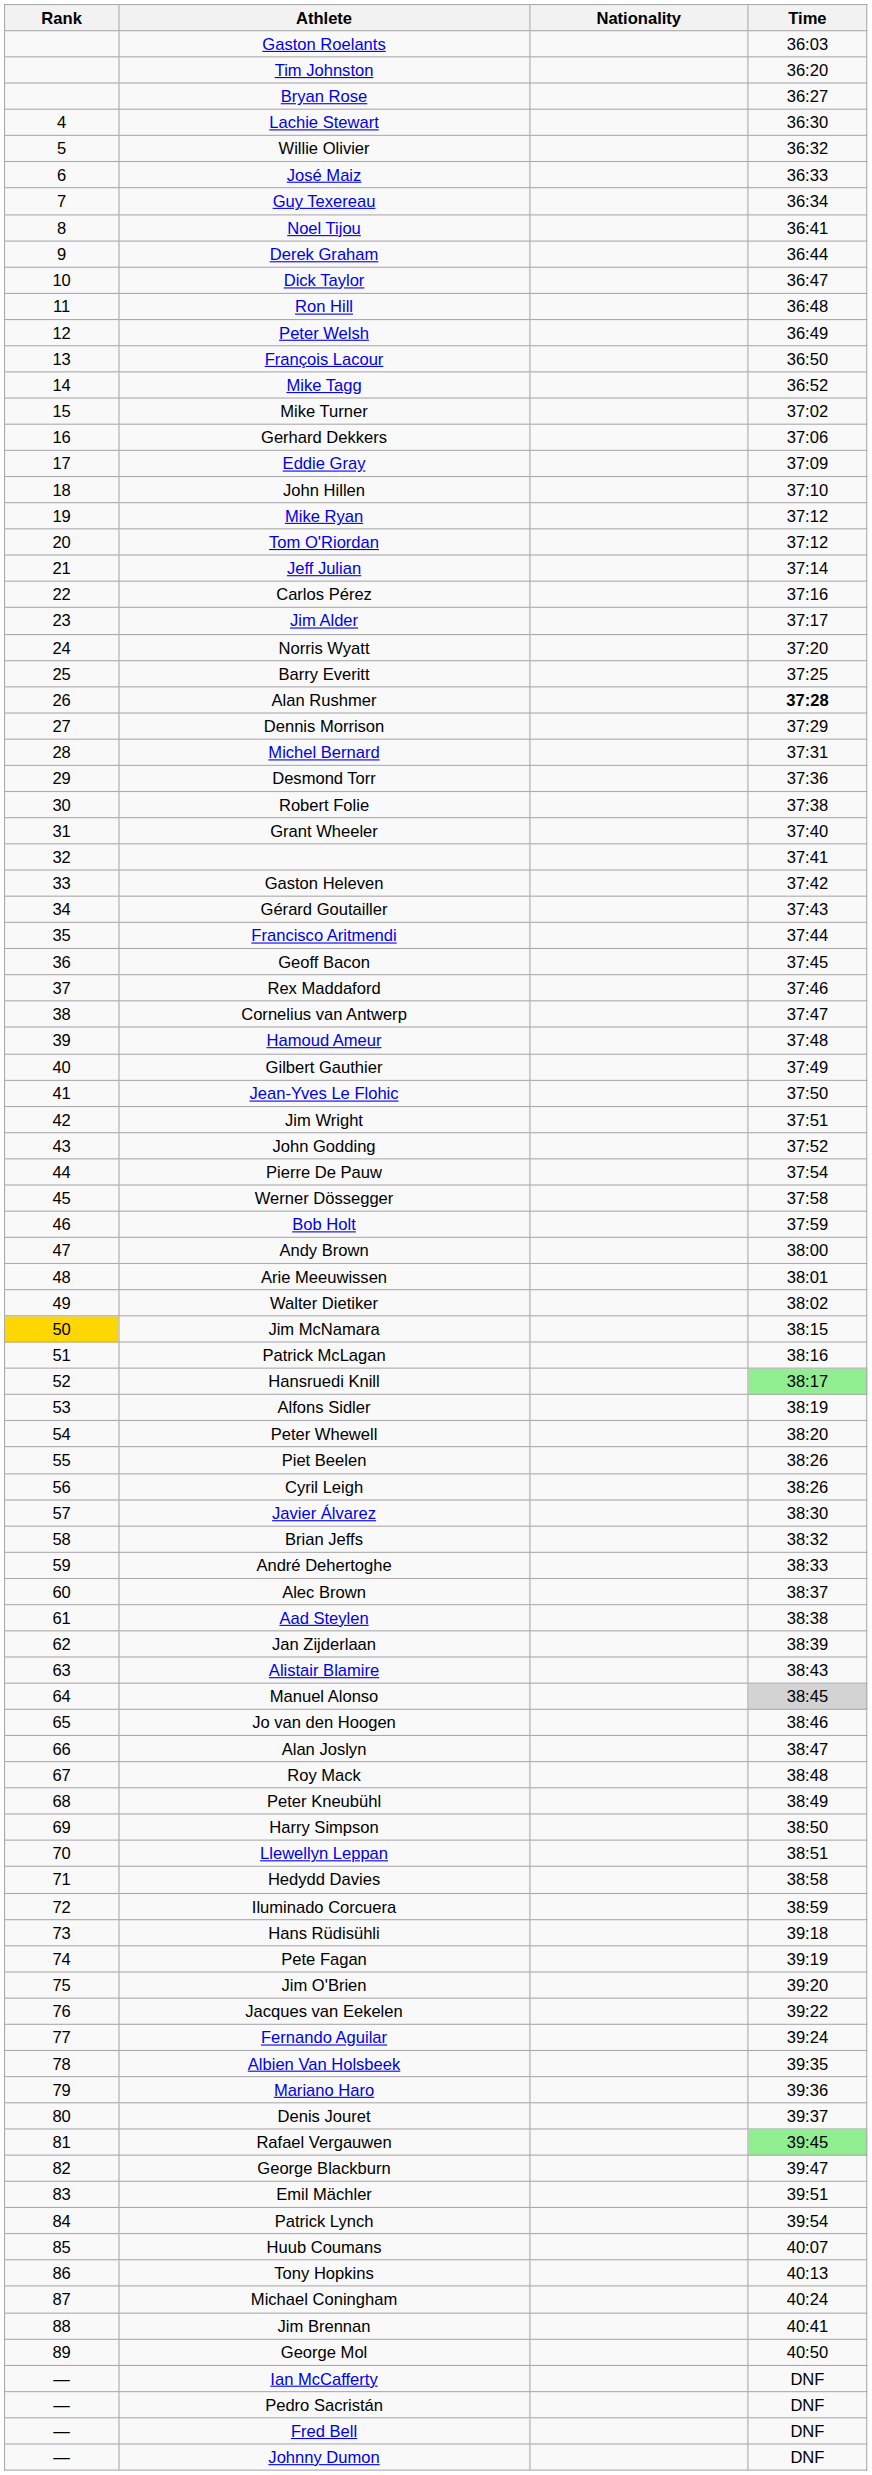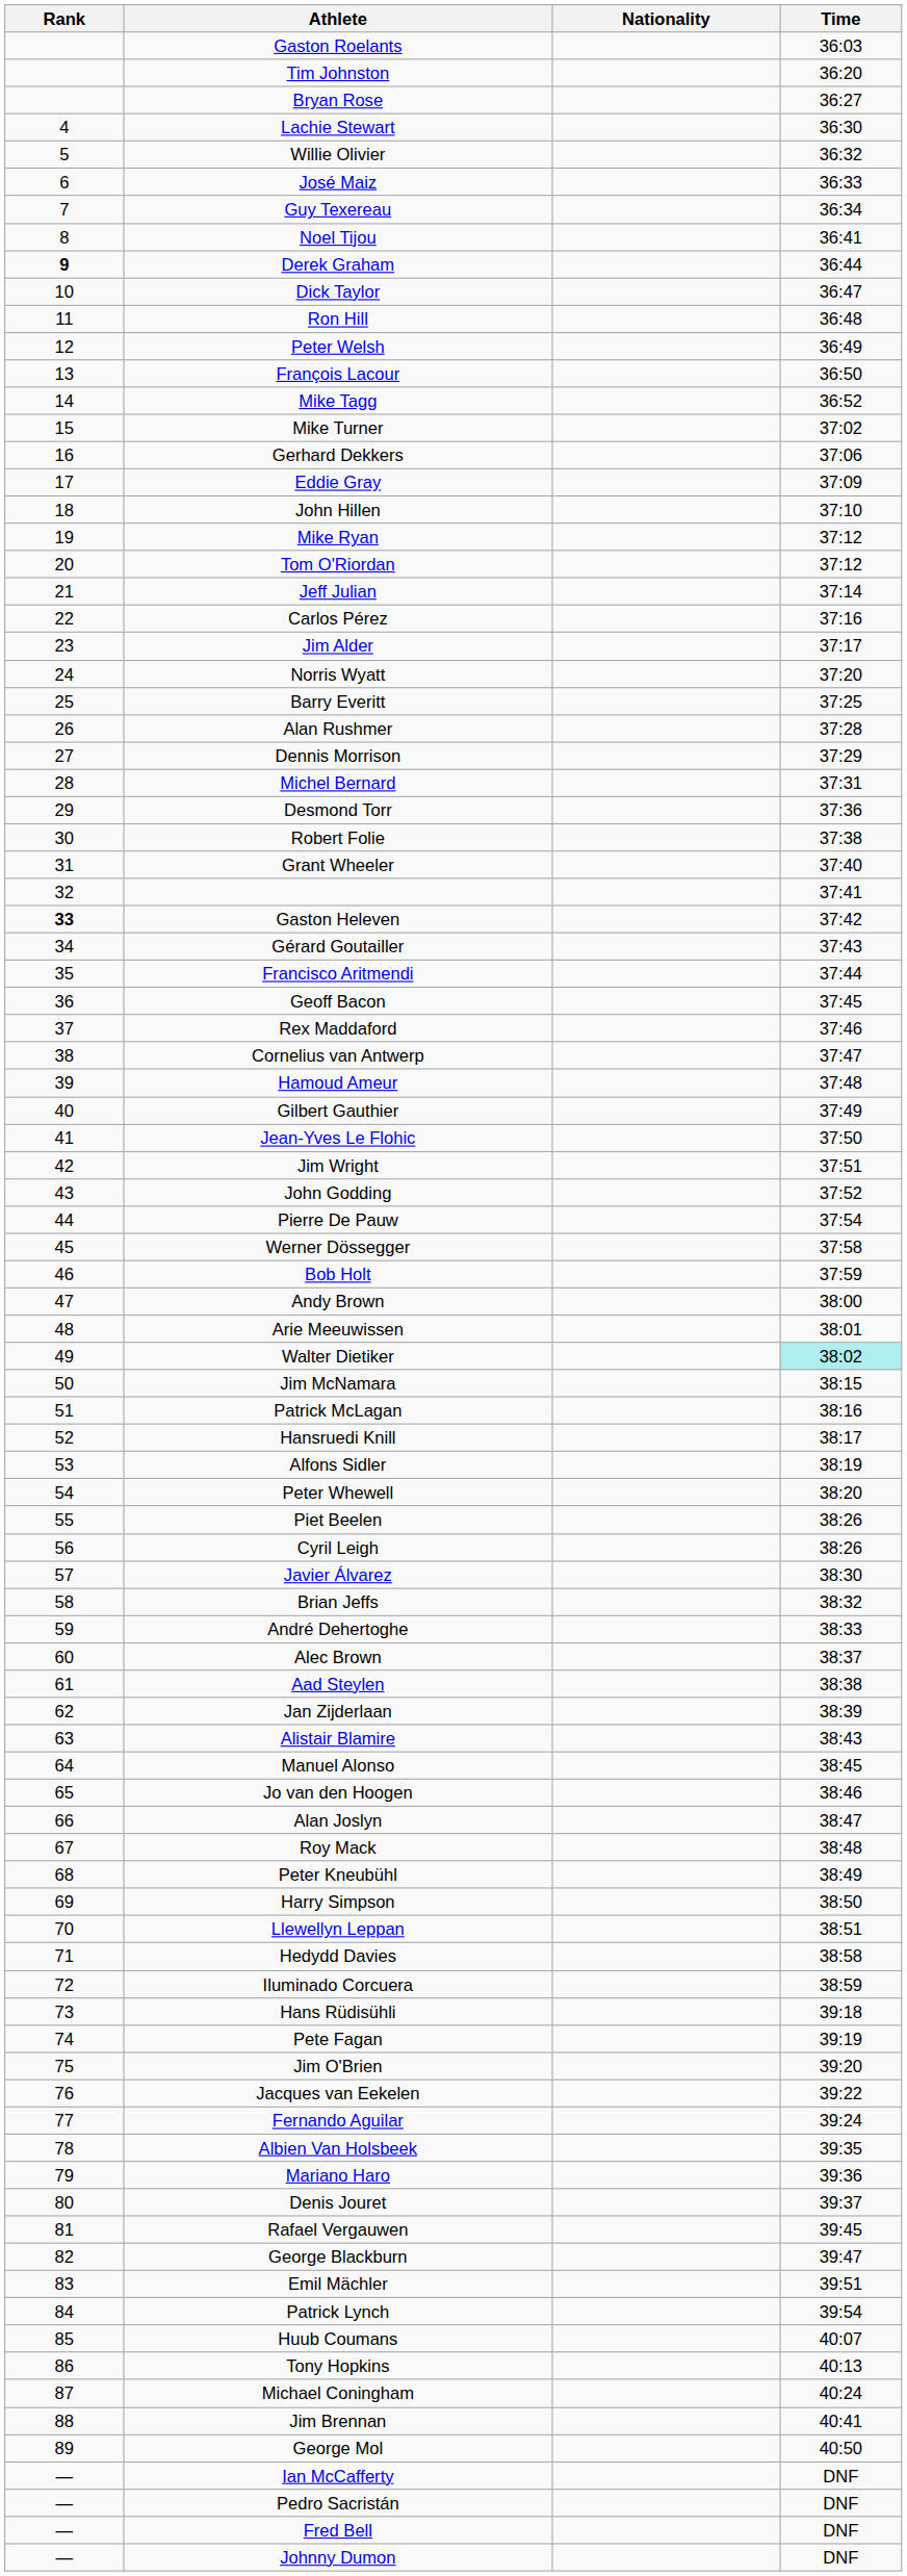 <table class="wikitable sortable" style=" text-align:center; font-size:95%;" width="50%">
 <tr>
 <th>Rank</th>
 <th>Athlete</th>
 <th>Nationality</th>
 <th>Time</th>
 </tr>
 <tr>
 <td align=center></td>
 <td><a href='#'>Gaston Roelants</a></td>
 <td></td>
 <td>36:03</td>
 </tr>
 <tr>
 <td align=center></td>
 <td><a href='#'>Tim Johnston</a></td>
 <td></td>
 <td>36:20</td>
 </tr>
 <tr>
 <td align=center></td>
 <td><a href='#'>Bryan Rose</a></td>
 <td></td>
 <td>36:27</td>
 </tr>
 <tr>
 <td align=center>4</td>
 <td><a href='#'>Lachie Stewart</a></td>
 <td></td>
 <td>36:30</td>
 </tr>
 <tr>
 <td align=center>5</td>
 <td>Willie Olivier</td>
 <td></td>
 <td>36:32</td>
 </tr>
 <tr>
 <td align=center>6</td>
 <td><a href='#'>José Maiz</a></td>
 <td></td>
 <td>36:33</td>
 </tr>
 <tr>
 <td align=center>7</td>
 <td><a href='#'>Guy Texereau</a></td>
 <td></td>
 <td>36:34</td>
 </tr>
 <tr>
 <td align=center>8</td>
 <td><a href='#'>Noel Tijou</a></td>
 <td></td>
 <td>36:41</td>
 </tr>
 <tr>
-<td align=center>9</td>
+<td align=center><strong>9</strong></td>
 <td><a href='#'>Derek Graham</a></td>
 <td></td>
 <td>36:44</td>
 </tr>
 <tr>
 <td align=center>10</td>
 <td><a href='#'>Dick Taylor</a></td>
 <td></td>
 <td>36:47</td>
 </tr>
 <tr>
 <td align=center>11</td>
 <td><a href='#'>Ron Hill</a></td>
 <td></td>
 <td>36:48</td>
 </tr>
 <tr>
 <td align=center>12</td>
 <td><a href='#'>Peter Welsh</a></td>
 <td></td>
 <td>36:49</td>
 </tr>
 <tr>
 <td align=center>13</td>
 <td><a href='#'>François Lacour</a></td>
 <td></td>
 <td>36:50</td>
 </tr>
 <tr>
 <td align=center>14</td>
 <td><a href='#'>Mike Tagg</a></td>
 <td></td>
 <td>36:52</td>
 </tr>
 <tr>
 <td align=center>15</td>
 <td>Mike Turner</td>
 <td></td>
 <td>37:02</td>
 </tr>
 <tr>
 <td align=center>16</td>
 <td>Gerhard Dekkers</td>
 <td></td>
 <td>37:06</td>
 </tr>
 <tr>
 <td align=center>17</td>
 <td><a href='#'>Eddie Gray</a></td>
 <td></td>
 <td>37:09</td>
 </tr>
 <tr>
 <td align=center>18</td>
 <td>John Hillen</td>
 <td></td>
 <td>37:10</td>
 </tr>
 <tr>
 <td align=center>19</td>
 <td><a href='#'>Mike Ryan</a></td>
 <td></td>
 <td>37:12</td>
 </tr>
 <tr>
 <td align=center>20</td>
 <td><a href='#'>Tom O'Riordan</a></td>
 <td></td>
 <td>37:12</td>
 </tr>
 <tr>
 <td align=center>21</td>
 <td><a href='#'>Jeff Julian</a></td>
 <td></td>
 <td>37:14</td>
 </tr>
 <tr>
 <td align=center>22</td>
 <td>Carlos Pérez</td>
 <td></td>
 <td>37:16</td>
 </tr>
 <tr>
 <td align=center>23</td>
 <td><a href='#'>Jim Alder</a></td>
 <td></td>
 <td>37:17</td>
 </tr>
 <tr>
 <td align=center>24</td>
 <td>Norris Wyatt</td>
 <td></td>
 <td>37:20</td>
 </tr>
 <tr>
 <td align=center>25</td>
 <td>Barry Everitt</td>
 <td></td>
 <td>37:25</td>
 </tr>
 <tr>
 <td align=center>26</td>
 <td>Alan Rushmer</td>
 <td></td>
-<td><strong>37:28</strong></td>
+<td>37:28</td>
 </tr>
 <tr>
 <td align=center>27</td>
 <td>Dennis Morrison</td>
 <td></td>
 <td>37:29</td>
 </tr>
 <tr>
 <td align=center>28</td>
 <td><a href='#'>Michel Bernard</a></td>
 <td></td>
 <td>37:31</td>
 </tr>
 <tr>
 <td align=center>29</td>
 <td>Desmond Torr</td>
 <td></td>
 <td>37:36</td>
 </tr>
 <tr>
 <td align=center>30</td>
 <td>Robert Folie</td>
 <td></td>
 <td>37:38</td>
 </tr>
 <tr>
 <td align=center>31</td>
 <td>Grant Wheeler</td>
 <td></td>
 <td>37:40</td>
 </tr>
 <tr>
 <td align=center>32</td>
 <td></td>
 <td></td>
 <td>37:41</td>
 </tr>
 <tr>
-<td align=center>33</td>
+<td align=center><strong>33</strong></td>
 <td>Gaston Heleven</td>
 <td></td>
 <td>37:42</td>
 </tr>
 <tr>
 <td align=center>34</td>
 <td>Gérard Goutailler</td>
 <td></td>
 <td>37:43</td>
 </tr>
 <tr>
 <td align=center>35</td>
 <td><a href='#'>Francisco Aritmendi</a></td>
 <td></td>
 <td>37:44</td>
 </tr>
 <tr>
 <td align=center>36</td>
 <td>Geoff Bacon</td>
 <td></td>
 <td>37:45</td>
 </tr>
 <tr>
 <td align=center>37</td>
 <td>Rex Maddaford</td>
 <td></td>
 <td>37:46</td>
 </tr>
 <tr>
 <td align=center>38</td>
 <td>Cornelius van Antwerp</td>
 <td></td>
 <td>37:47</td>
 </tr>
 <tr>
 <td align=center>39</td>
 <td><a href='#'>Hamoud Ameur</a></td>
 <td></td>
 <td>37:48</td>
 </tr>
 <tr>
 <td align=center>40</td>
 <td>Gilbert Gauthier</td>
 <td></td>
 <td>37:49</td>
 </tr>
 <tr>
 <td align=center>41</td>
 <td><a href='#'>Jean-Yves Le Flohic</a></td>
 <td></td>
 <td>37:50</td>
 </tr>
 <tr>
 <td align=center>42</td>
 <td>Jim Wright</td>
 <td></td>
 <td>37:51</td>
 </tr>
 <tr>
 <td align=center>43</td>
 <td>John Godding</td>
 <td></td>
 <td>37:52</td>
 </tr>
 <tr>
 <td align=center>44</td>
 <td>Pierre De Pauw</td>
 <td></td>
 <td>37:54</td>
 </tr>
 <tr>
 <td align=center>45</td>
 <td>Werner Dössegger</td>
 <td></td>
 <td>37:58</td>
 </tr>
 <tr>
 <td align=center>46</td>
 <td><a href='#'>Bob Holt</a></td>
 <td></td>
 <td>37:59</td>
 </tr>
 <tr>
 <td align=center>47</td>
 <td>Andy Brown</td>
 <td></td>
 <td>38:00</td>
 </tr>
 <tr>
 <td align=center>48</td>
 <td>Arie Meeuwissen</td>
 <td></td>
 <td>38:01</td>
 </tr>
 <tr>
 <td align=center>49</td>
 <td>Walter Dietiker</td>
 <td></td>
-<td>38:02</td>
+<td style="background: paleturquoise;">38:02</td>
 </tr>
 <tr>
-<td align=center style="background: gold;">50</td>
+<td align=center>50</td>
 <td>Jim McNamara</td>
 <td></td>
 <td>38:15</td>
 </tr>
 <tr>
 <td align=center>51</td>
 <td>Patrick McLagan</td>
 <td></td>
 <td>38:16</td>
 </tr>
 <tr>
 <td align=center>52</td>
 <td>Hansruedi Knill</td>
 <td></td>
-<td style="background: lightgreen;">38:17</td>
+<td>38:17</td>
 </tr>
 <tr>
 <td align=center>53</td>
 <td>Alfons Sidler</td>
 <td></td>
 <td>38:19</td>
 </tr>
 <tr>
 <td align=center>54</td>
 <td>Peter Whewell</td>
 <td></td>
 <td>38:20</td>
 </tr>
 <tr>
 <td align=center>55</td>
 <td>Piet Beelen</td>
 <td></td>
 <td>38:26</td>
 </tr>
 <tr>
 <td align=center>56</td>
 <td>Cyril Leigh</td>
 <td></td>
 <td>38:26</td>
 </tr>
 <tr>
 <td align=center>57</td>
 <td><a href='#'>Javier Álvarez</a></td>
 <td></td>
 <td>38:30</td>
 </tr>
 <tr>
 <td align=center>58</td>
 <td>Brian Jeffs</td>
 <td></td>
 <td>38:32</td>
 </tr>
 <tr>
 <td align=center>59</td>
 <td>André Dehertoghe</td>
 <td></td>
 <td>38:33</td>
 </tr>
 <tr>
 <td align=center>60</td>
 <td>Alec Brown</td>
 <td></td>
 <td>38:37</td>
 </tr>
 <tr>
 <td align=center>61</td>
 <td><a href='#'>Aad Steylen</a></td>
 <td></td>
 <td>38:38</td>
 </tr>
 <tr>
 <td align=center>62</td>
 <td>Jan Zijderlaan</td>
 <td></td>
 <td>38:39</td>
 </tr>
 <tr>
 <td align=center>63</td>
 <td><a href='#'>Alistair Blamire</a></td>
 <td></td>
 <td>38:43</td>
 </tr>
 <tr>
 <td align=center>64</td>
 <td>Manuel Alonso</td>
 <td></td>
-<td style="background: lightgrey;">38:45</td>
+<td>38:45</td>
 </tr>
 <tr>
 <td align=center>65</td>
 <td>Jo van den Hoogen</td>
 <td></td>
 <td>38:46</td>
 </tr>
 <tr>
 <td align=center>66</td>
 <td>Alan Joslyn</td>
 <td></td>
 <td>38:47</td>
 </tr>
 <tr>
 <td align=center>67</td>
 <td>Roy Mack</td>
 <td></td>
 <td>38:48</td>
 </tr>
 <tr>
 <td align=center>68</td>
 <td>Peter Kneubühl</td>
 <td></td>
 <td>38:49</td>
 </tr>
 <tr>
 <td align=center>69</td>
 <td>Harry Simpson</td>
 <td></td>
 <td>38:50</td>
 </tr>
 <tr>
 <td align=center>70</td>
 <td><a href='#'>Llewellyn Leppan</a></td>
 <td></td>
 <td>38:51</td>
 </tr>
 <tr>
 <td align=center>71</td>
 <td>Hedydd Davies</td>
 <td></td>
 <td>38:58</td>
 </tr>
 <tr>
 <td align=center>72</td>
 <td>Iluminado Corcuera</td>
 <td></td>
 <td>38:59</td>
 </tr>
 <tr>
 <td align=center>73</td>
 <td>Hans Rüdisühli</td>
 <td></td>
 <td>39:18</td>
 </tr>
 <tr>
 <td align=center>74</td>
 <td>Pete Fagan</td>
 <td></td>
 <td>39:19</td>
 </tr>
 <tr>
 <td align=center>75</td>
 <td>Jim O'Brien</td>
 <td></td>
 <td>39:20</td>
 </tr>
 <tr>
 <td align=center>76</td>
 <td>Jacques van Eekelen</td>
 <td></td>
 <td>39:22</td>
 </tr>
 <tr>
 <td align=center>77</td>
 <td><a href='#'>Fernando Aguilar</a></td>
 <td></td>
 <td>39:24</td>
 </tr>
 <tr>
 <td align=center>78</td>
 <td><a href='#'>Albien Van Holsbeek</a></td>
 <td></td>
 <td>39:35</td>
 </tr>
 <tr>
 <td align=center>79</td>
 <td><a href='#'>Mariano Haro</a></td>
 <td></td>
 <td>39:36</td>
 </tr>
 <tr>
 <td align=center>80</td>
 <td>Denis Jouret</td>
 <td></td>
 <td>39:37</td>
 </tr>
 <tr>
 <td align=center>81</td>
 <td>Rafael Vergauwen</td>
 <td></td>
-<td style="background: lightgreen;">39:45</td>
+<td>39:45</td>
 </tr>
 <tr>
 <td align=center>82</td>
 <td>George Blackburn</td>
 <td></td>
 <td>39:47</td>
 </tr>
 <tr>
 <td align=center>83</td>
 <td>Emil Mächler</td>
 <td></td>
 <td>39:51</td>
 </tr>
 <tr>
 <td align=center>84</td>
 <td>Patrick Lynch</td>
 <td></td>
 <td>39:54</td>
 </tr>
 <tr>
 <td align=center>85</td>
 <td>Huub Coumans</td>
 <td></td>
 <td>40:07</td>
 </tr>
 <tr>
 <td align=center>86</td>
 <td>Tony Hopkins</td>
 <td></td>
 <td>40:13</td>
 </tr>
 <tr>
 <td align=center>87</td>
 <td>Michael Coningham</td>
 <td></td>
 <td>40:24</td>
 </tr>
 <tr>
 <td align=center>88</td>
 <td>Jim Brennan</td>
 <td></td>
 <td>40:41</td>
 </tr>
 <tr>
 <td align=center>89</td>
 <td>George Mol</td>
 <td></td>
 <td>40:50</td>
 </tr>
 <tr>
 <td align=center>—</td>
 <td><a href='#'>Ian McCafferty</a></td>
 <td></td>
 <td>DNF</td>
 </tr>
 <tr>
 <td align=center>—</td>
 <td>Pedro Sacristán</td>
 <td></td>
 <td>DNF</td>
 </tr>
 <tr>
 <td align=center>—</td>
 <td><a href='#'>Fred Bell</a></td>
 <td></td>
 <td>DNF</td>
 </tr>
 <tr>
 <td align=center>—</td>
 <td><a href='#'>Johnny Dumon</a></td>
 <td></td>
 <td>DNF</td>
 </tr>
 </table>
